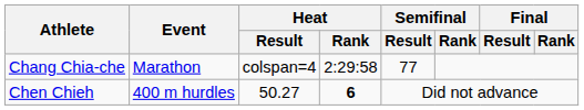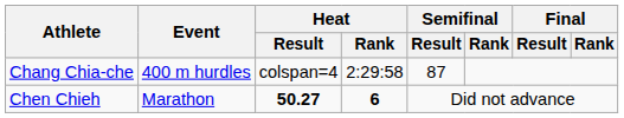 <table class="wikitable" style="font-size:90%">
 <tr>
 <th rowspan="2">Athlete</th>
 <th rowspan="2">Event</th>
 <th colspan="2">Heat</th>
 <th colspan="2">Semifinal</th>
 <th colspan="2">Final</th>
 </tr>
 <tr style="font-size:95%">
 <th>Result</th>
 <th>Rank</th>
 <th>Result</th>
 <th>Rank</th>
 <th>Result</th>
 <th>Rank</th>
 </tr>
 <tr align=center>
 <td align=left><a href='#'>Chang Chia-che</a></td>
-<td align=left><a href='#'>Marathon</a></td>
+<td align=left><a href='#'>400 m hurdles</a></td>
 <td>colspan=4 </td>
 <td>2:29:58</td>
-<td>77</td>
+<td>87</td>
 </tr>
 <tr align=center>
 <td align=left><a href='#'>Chen Chieh</a></td>
-<td align=left><a href='#'>400 m hurdles</a></td>
-<td>50.27</td>
+<td align=left><a href='#'>Marathon</a></td>
+<td><strong>50.27</strong></td>
 <td><strong>6</strong></td>
 <td colspan=4>Did not advance</td>
 </tr>
 </table>
